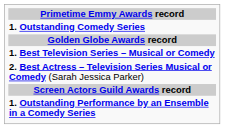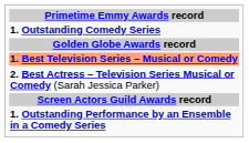 <table class="infobox" style="width: 23em; font-size: 85%;">
 <tr style="background:#ccc; text-align:center;">
 <th colspan="2"><a href='#'>Primetime Emmy Awards</a> record</th>
 </tr>
 <tr>
 <td><strong>1. <a href='#'>Outstanding Comedy Series</a></strong></td>
 </tr>
 <tr style="background:#ccc; text-align:center;">
 <th colspan="2"><a href='#'>Golden Globe Awards</a> record</th>
 </tr>
 <tr>
-<td><strong>1. <a href='#'>Best Television Series – Musical or Comedy</a></strong></td>
+<td style="background: lightsalmon;"><strong>1. <a href='#'>Best Television Series – Musical or Comedy</a></strong></td>
 </tr>
 <tr>
 <td><strong>2. <a href='#'>Best Actress – Television Series Musical or Comedy</a></strong> (Sarah Jessica Parker)</td>
 </tr>
 <tr style="background:#ccc; text-align:center;">
 <th colspan="2"><a href='#'>Screen Actors Guild Awards</a> record</th>
 </tr>
 <tr>
 <td><strong>1. <a href='#'>Outstanding Performance by an Ensemble in a Comedy Series</a></strong></td>
 </tr>
 <tr>
 </tr>
 </table>
